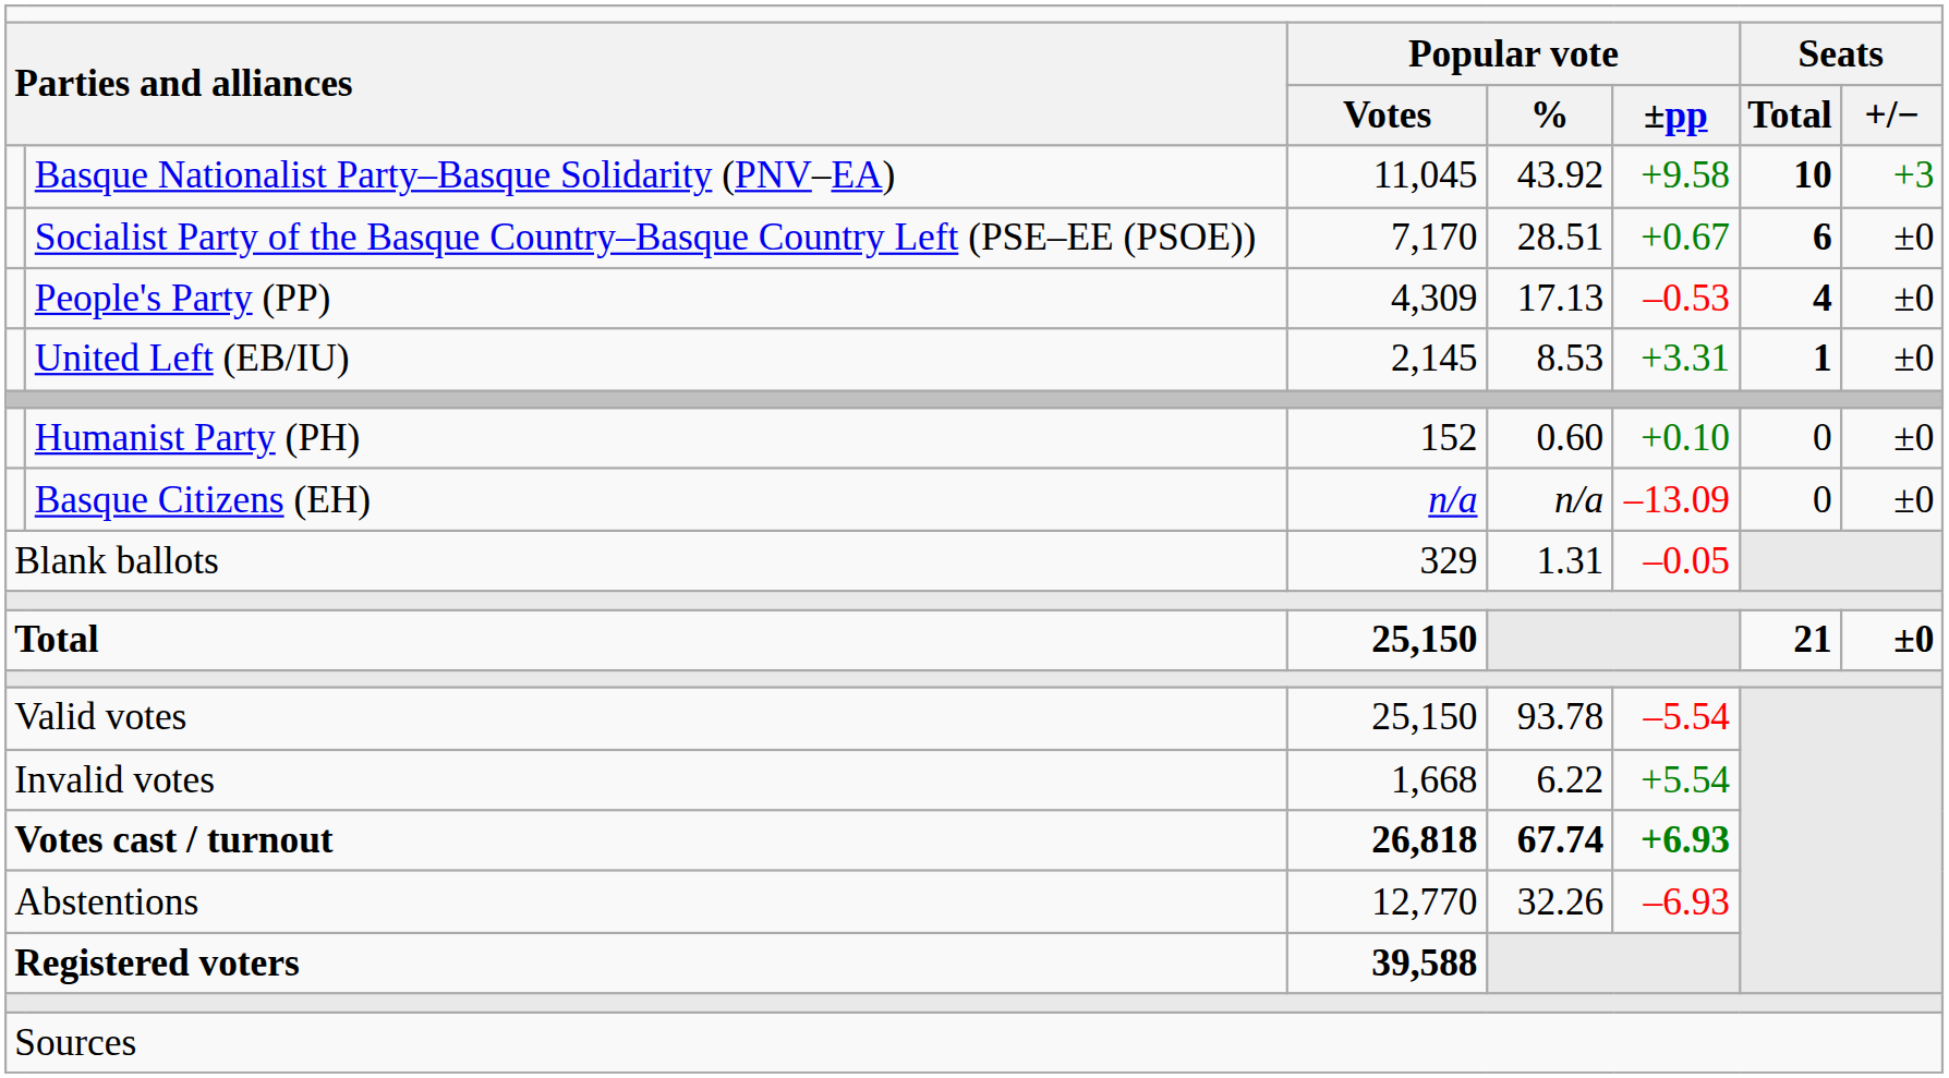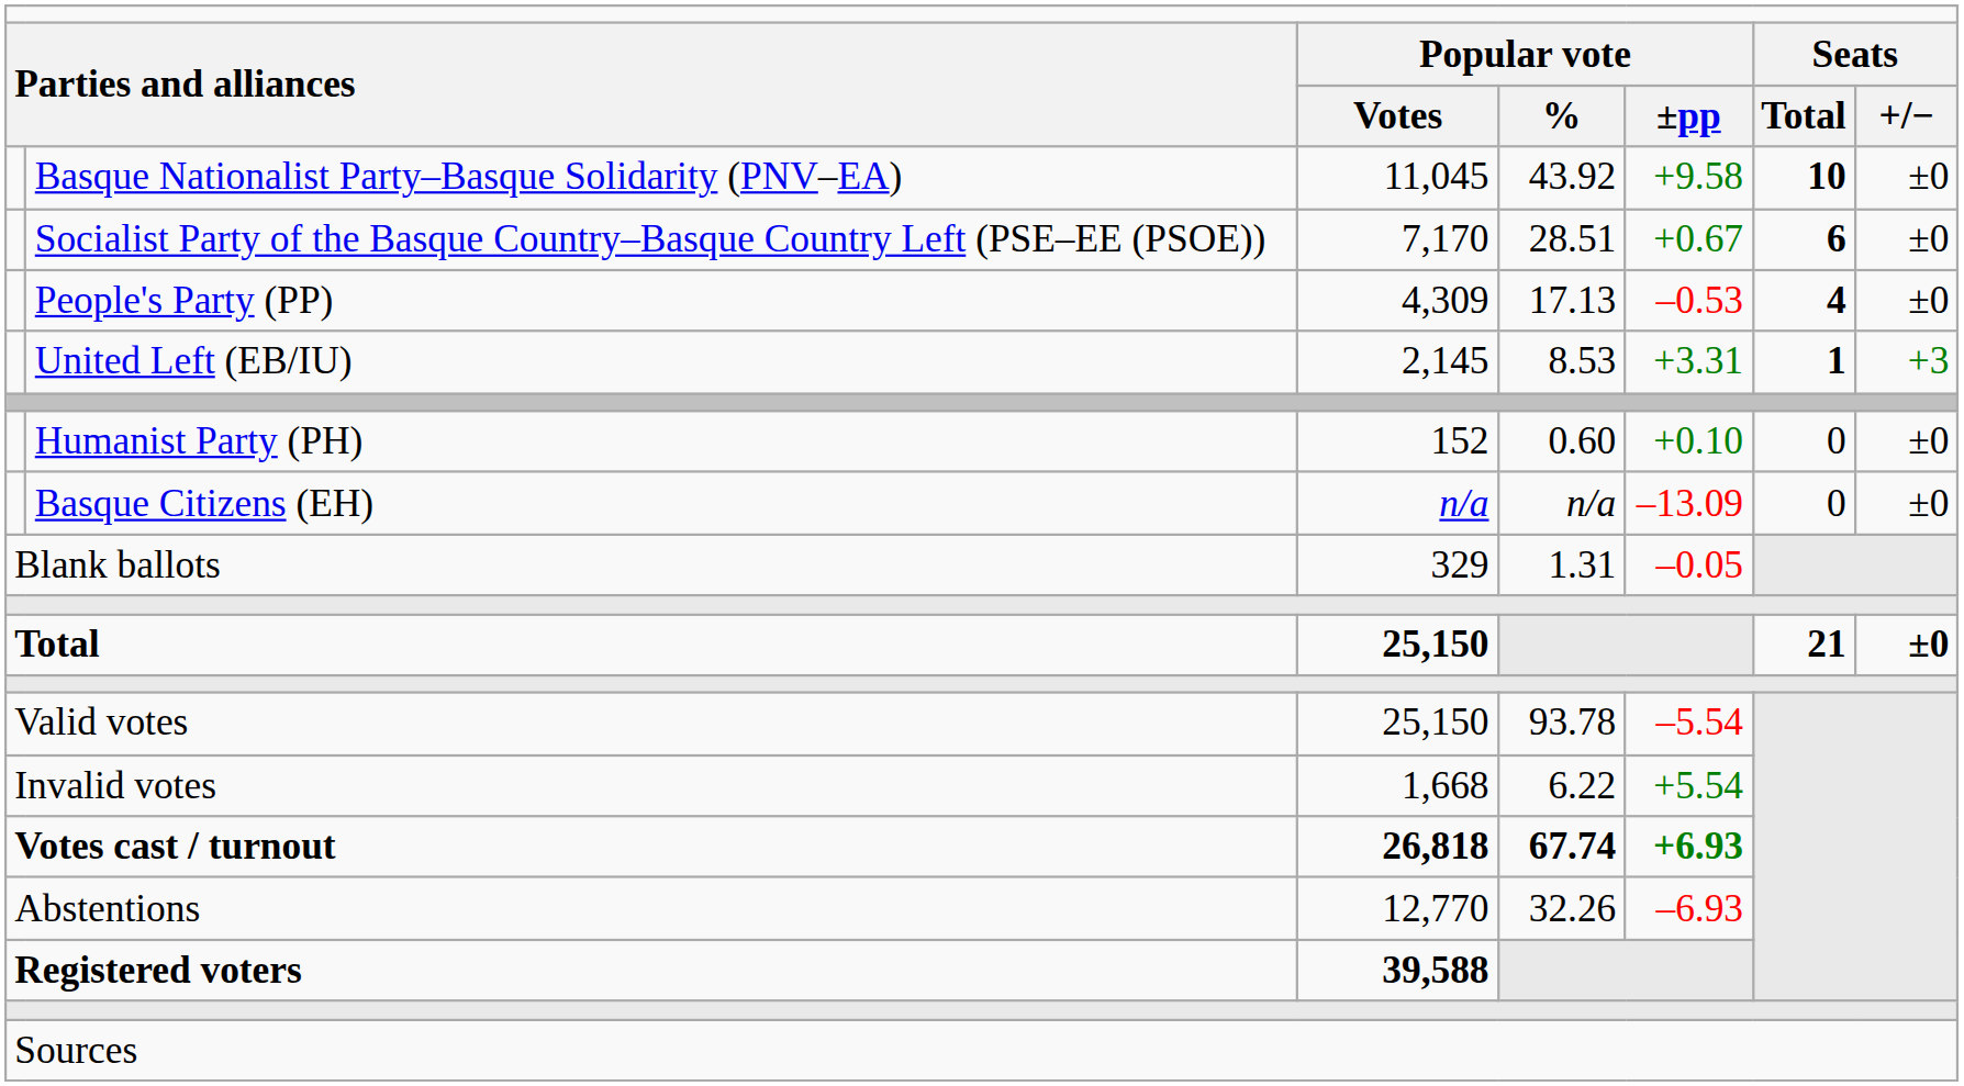 <table class="wikitable" style="text-align:right;">
 <tr>
 <td colspan="7"></td>
 </tr>
 <tr>
 <th style="text-align:left;" rowspan="2" colspan="2" width="525">Parties and alliances</th>
 <th colspan="3">Popular vote</th>
 <th colspan="2">Seats</th>
 </tr>
 <tr>
 <th width="75">Votes</th>
 <th width="45">%</th>
 <th width="45">±<a href='#'>pp</a></th>
 <th width="35">Total</th>
 <th width="35">+/−</th>
 </tr>
 <tr>
 <td width="1" style="color:inherit;background:"></td>
 <td align="left"><a href='#'>Basque Nationalist Party–Basque Solidarity</a> (<a href='#'>PNV</a>–<a href='#'>EA</a>)</td>
 <td>11,045</td>
 <td>43.92</td>
 <td style="color:green;">+9.58</td>
 <td><strong>10</strong></td>
-<td style="color:green;">+3</td>
+<td>±0</td>
 </tr>
 <tr>
 <td style="color:inherit;background:"></td>
 <td align="left"><a href='#'>Socialist Party of the Basque Country–Basque Country Left</a> (PSE–EE (PSOE))</td>
 <td>7,170</td>
 <td>28.51</td>
 <td style="color:green;">+0.67</td>
 <td><strong>6</strong></td>
 <td>±0</td>
 </tr>
 <tr>
 <td style="color:inherit;background:"></td>
 <td align="left"><a href='#'>People's Party</a> (PP)</td>
 <td>4,309</td>
 <td>17.13</td>
 <td style="color:red;">–0.53</td>
 <td><strong>4</strong></td>
 <td>±0</td>
 </tr>
 <tr>
 <td style="color:inherit;background:"></td>
 <td align="left"><a href='#'>United Left</a> (EB/IU)</td>
 <td>2,145</td>
 <td>8.53</td>
 <td style="color:green;">+3.31</td>
 <td><strong>1</strong></td>
-<td>±0</td>
+<td style="color:green;">+3</td>
 </tr>
 <tr>
 <td colspan="7" style="color:inherit;background:#C0C0C0"></td>
 </tr>
 <tr>
 <td style="color:inherit;background:"></td>
 <td align="left"><a href='#'>Humanist Party</a> (PH)</td>
 <td>152</td>
 <td>0.60</td>
 <td style="color:green;">+0.10</td>
 <td>0</td>
 <td>±0</td>
 </tr>
 <tr>
 <td style="color:inherit;background:"></td>
 <td align="left"><a href='#'>Basque Citizens</a> (EH)</td>
 <td><em><a href='#'>n/a</a></em></td>
 <td><em>n/a</em></td>
 <td style="color:red;">–13.09</td>
 <td>0</td>
 <td>±0</td>
 </tr>
 <tr>
 <td align="left" colspan="2">Blank ballots</td>
 <td>329</td>
 <td>1.31</td>
 <td style="color:red;">–0.05</td>
 <td style="color:inherit;background:#E9E9E9" colspan="2"></td>
 </tr>
 <tr>
 <td colspan="7" style="color:inherit;background:#E9E9E9"></td>
 </tr>
 <tr style="font-weight:bold;">
 <td align="left" colspan="2">Total</td>
 <td>25,150</td>
 <td bgcolor="#E9E9E9" colspan="2"></td>
 <td>21</td>
 <td>±0</td>
 </tr>
 <tr>
 <td colspan="7" style="color:inherit;background:#E9E9E9"></td>
 </tr>
 <tr>
 <td align="left" colspan="2">Valid votes</td>
 <td>25,150</td>
 <td>93.78</td>
 <td style="color:red;">–5.54</td>
 <td bgcolor="#E9E9E9" colspan="2" rowspan="5"></td>
 </tr>
 <tr>
 <td align="left" colspan="2">Invalid votes</td>
 <td>1,668</td>
 <td>6.22</td>
 <td style="color:green;">+5.54</td>
 </tr>
 <tr style="font-weight:bold;">
 <td align="left" colspan="2">Votes cast / turnout</td>
 <td>26,818</td>
 <td>67.74</td>
 <td style="color:green;">+6.93</td>
 </tr>
 <tr>
 <td align="left" colspan="2">Abstentions</td>
 <td>12,770</td>
 <td>32.26</td>
 <td style="color:red;">–6.93</td>
 </tr>
 <tr style="font-weight:bold;">
 <td align="left" colspan="2">Registered voters</td>
 <td>39,588</td>
 <td bgcolor="#E9E9E9" colspan="2"></td>
 </tr>
 <tr>
 <td colspan="7" style="color:inherit;background:#E9E9E9"></td>
 </tr>
 <tr>
 <td align="left" colspan="7">Sources</td>
 </tr>
 </table>
